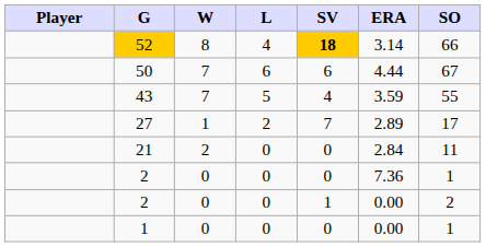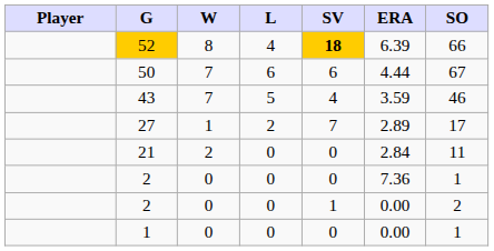 <table class="wikitable sortable">
 <tr>
 <th style="background:#ddf; width:16%;">Player</th>
 <th style="background:#ddf; width:9%;">G</th>
 <th style="background:#ddf; width:9%;">W</th>
 <th style="background:#ddf; width:9%;">L</th>
 <th style="background:#ddf; width:9%;">SV</th>
 <th style="background:#ddf; width:9%;">ERA</th>
 <th style="background:#ddf; width:9%;">SO</th>
 </tr>
 <tr style="text-align:center;">
 <td></td>
 <td style="background:#fc0;">52</td>
 <td>8</td>
 <td>4</td>
 <td style="background:#fc0;"><strong>18</strong></td>
-<td>3.14</td>
+<td>6.39</td>
 <td>66</td>
 </tr>
 <tr style="text-align:center;">
 <td></td>
 <td>50</td>
 <td>7</td>
 <td>6</td>
 <td>6</td>
 <td>4.44</td>
 <td>67</td>
 </tr>
 <tr style="text-align:center;">
 <td></td>
 <td>43</td>
 <td>7</td>
 <td>5</td>
 <td>4</td>
 <td>3.59</td>
-<td>55</td>
+<td>46</td>
 </tr>
 <tr style="text-align:center;">
 <td></td>
 <td>27</td>
 <td>1</td>
 <td>2</td>
 <td>7</td>
 <td>2.89</td>
 <td>17</td>
 </tr>
 <tr style="text-align:center;">
 <td></td>
 <td>21</td>
 <td>2</td>
 <td>0</td>
 <td>0</td>
 <td>2.84</td>
 <td>11</td>
 </tr>
 <tr style="text-align:center;">
 <td></td>
 <td>2</td>
 <td>0</td>
 <td>0</td>
 <td>0</td>
 <td>7.36</td>
 <td>1</td>
 </tr>
 <tr style="text-align:center;">
 <td></td>
 <td>2</td>
 <td>0</td>
 <td>0</td>
 <td>1</td>
 <td>0.00</td>
 <td>2</td>
 </tr>
 <tr style="text-align:center;'">
 <td></td>
 <td>1</td>
 <td>0</td>
 <td>0</td>
 <td>0</td>
 <td>0.00</td>
 <td>1</td>
 </tr>
 </table>
